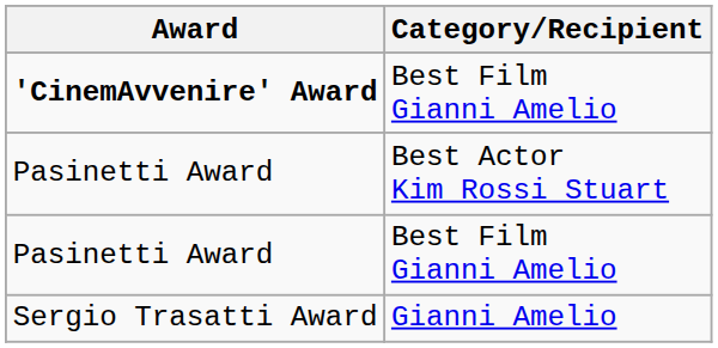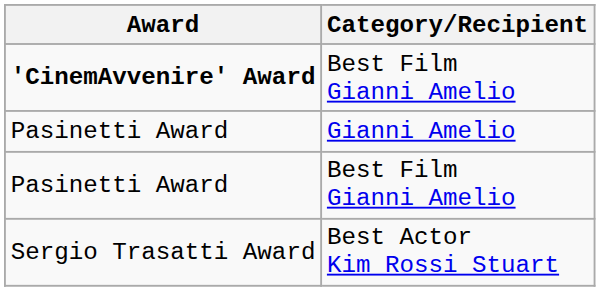 <table class="wikitable">
 <tr>
 <th>Award</th>
 <th>Category/Recipient</th>
 </tr>
 <tr>
 <td><strong>'CinemAvvenire' Award</strong></td>
 <td>Best Film<br><a href='#'>Gianni Amelio</a></td>
 </tr>
 <tr>
 <td>Pasinetti Award</td>
-<td>Best Actor<br><a href='#'>Kim Rossi Stuart</a></td>
+<td><a href='#'>Gianni Amelio</a></td>
 </tr>
 <tr>
 <td>Pasinetti Award</td>
 <td>Best Film<br><a href='#'>Gianni Amelio</a></td>
 </tr>
 <tr>
 <td>Sergio Trasatti Award</td>
-<td><a href='#'>Gianni Amelio</a></td>
+<td>Best Actor<br><a href='#'>Kim Rossi Stuart</a></td>
 </tr>
 </table>
